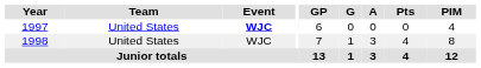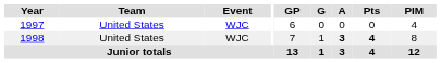 <table border="0" cellpadding="1" cellspacing="0" ID="Table3" style="text-align:center; width:40em">
 <tr bgcolor="#e0e0e0">
 <th>Year</th>
 <th>Team</th>
 <th>Event</th>
 <th rowspan="102" bgcolor="#ffffff"></th>
 <th>GP</th>
 <th>G</th>
 <th>A</th>
 <th>Pts</th>
 <th>PIM</th>
 </tr>
 <tr>
 <td><a href='#'>1997</a></td>
 <td><a href='#'>United States</a></td>
-<td><strong><a href='#'>WJC</a></strong></td>
+<td><a href='#'>WJC</a></td>
 <td>6</td>
 <td>0</td>
 <td>0</td>
 <td>0</td>
 <td>4</td>
 </tr>
 <tr bgcolor="#f0f0f0">
 <td><a href='#'>1998</a></td>
 <td>United States</td>
 <td>WJC</td>
 <td>7</td>
 <td>1</td>
-<td>3</td>
-<td>4</td>
+<td><strong>3</strong></td>
+<td><strong>4</strong></td>
 <td>8</td>
 </tr>
 <tr bgcolor="#e0e0e0">
 <th colspan="4">Junior totals</th>
 <th>13</th>
 <th>1</th>
 <th>3</th>
 <th>4</th>
 <th>12</th>
 </tr>
 </table>
